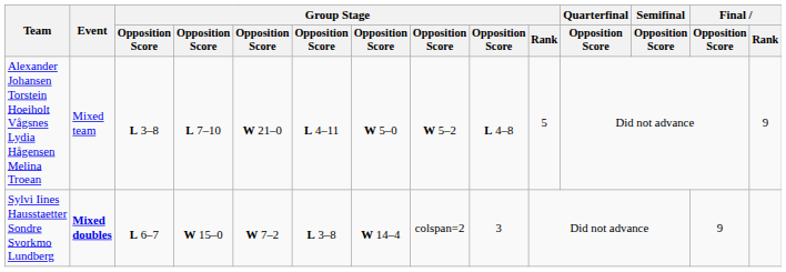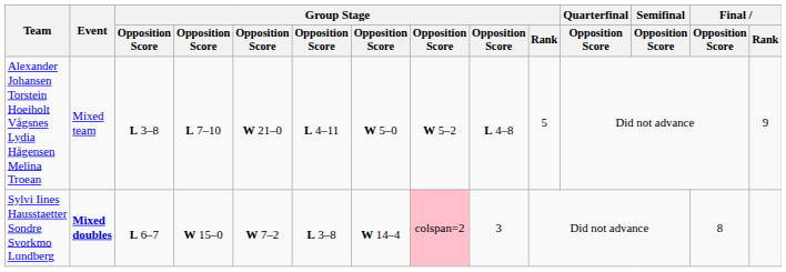 <table class="wikitable" style="font-size:90%">
 <tr>
 <th rowspan=2>Team</th>
 <th rowspan=2>Event</th>
 <th colspan=8>Group Stage</th>
 <th>Quarterfinal</th>
 <th>Semifinal</th>
 <th colspan=2>Final / </th>
 </tr>
 <tr style="font-size:95%">
 <th>Opposition <br> Score</th>
 <th>Opposition <br> Score</th>
 <th>Opposition <br> Score</th>
 <th>Opposition <br> Score</th>
 <th>Opposition <br> Score</th>
 <th>Opposition <br> Score</th>
 <th>Opposition <br> Score</th>
 <th>Rank</th>
 <th>Opposition <br> Score</th>
 <th>Opposition <br> Score</th>
 <th>Opposition <br> Score</th>
 <th>Rank</th>
 </tr>
 <tr align=center>
 <td align=left><a href='#'>Alexander Johansen</a><br><a href='#'>Torstein Hoeiholt Vågsnes</a><br><a href='#'>Lydia Hågensen</a><br><a href='#'>Melina Troean</a></td>
 <td align=left><a href='#'>Mixed team</a></td>
 <td><br><strong>L</strong> 3–8</td>
 <td><br><strong>L</strong> 7–10</td>
 <td><br><strong>W</strong> 21–0</td>
 <td><br><strong>L</strong> 4–11</td>
 <td><br><strong>W</strong> 5–0</td>
 <td><br><strong>W</strong> 5–2</td>
 <td><br><strong>L</strong> 4–8</td>
 <td>5</td>
 <td colspan=3>Did not advance</td>
 <td>9</td>
 </tr>
 <tr align=center>
 <td align=left><a href='#'>Sylvi Iines Hausstaetter</a><br><a href='#'>Sondre Svorkmo Lundberg</a></td>
 <td align=left><strong><a href='#'>Mixed doubles</a></strong></td>
 <td><br><strong>L</strong> 6–7</td>
 <td><br><strong>W</strong> 15–0</td>
 <td><br><strong>W</strong> 7–2</td>
 <td><br><strong>L</strong> 3–8</td>
 <td><br><strong>W</strong> 14–4</td>
-<td>colspan=2</td>
+<td style="background: pink;">colspan=2</td>
 <td>3</td>
 <td colspan=3>Did not advance</td>
-<td>9</td>
+<td>8</td>
 </tr>
 </table>
